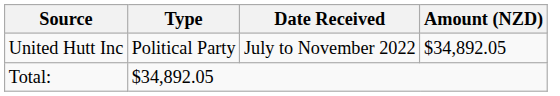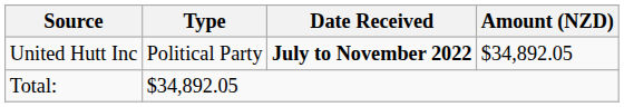 <table class="wikitable">
 <tr>
 <th>Source</th>
 <th>Type</th>
 <th>Date Received</th>
 <th>Amount (NZD)</th>
 </tr>
 <tr>
 <td>United Hutt Inc</td>
 <td>Political Party</td>
-<td>July to November 2022</td>
+<td><strong>July to November 2022</strong></td>
 <td>$34,892.05</td>
 </tr>
 <tr>
 <td>Total:</td>
 <td colspan="3">$34,892.05</td>
 </tr>
 </table>
